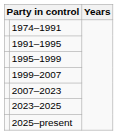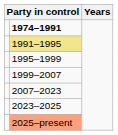 <table class="wikitable">
 <tr>
 <th colspan=2>Party in control</th>
 <th>Years</th>
 </tr>
 <tr>
 <td></td>
-<td>1974–1991</td>
+<td><strong>1974–1991</strong></td>
 </tr>
 <tr>
 <td></td>
-<td>1991–1995</td>
+<td style="background: khaki;">1991–1995</td>
 </tr>
 <tr>
 <td></td>
 <td>1995–1999</td>
 </tr>
 <tr>
 <td></td>
 <td>1999–2007</td>
 </tr>
 <tr>
 <td></td>
 <td>2007–2023</td>
 </tr>
 <tr>
 <td></td>
 <td>2023–2025</td>
 </tr>
 <tr>
 <td></td>
-<td>2025–present</td>
+<td style="background: lightsalmon;">2025–present</td>
 </tr>
 </table>
